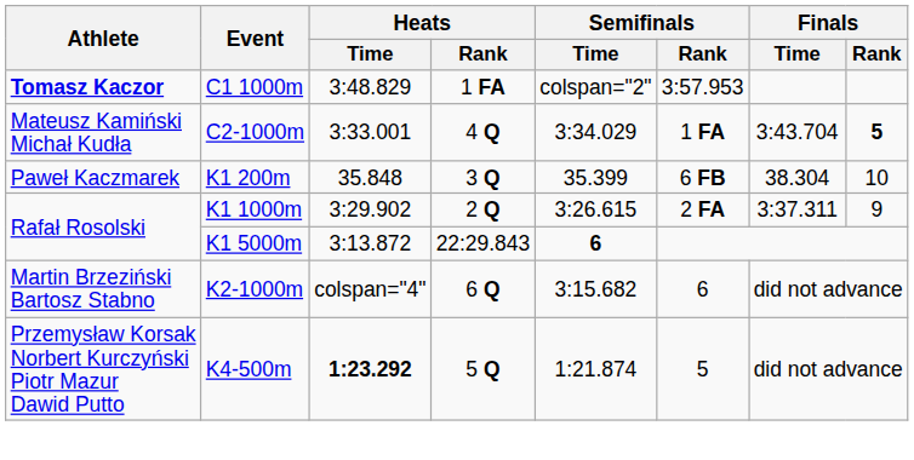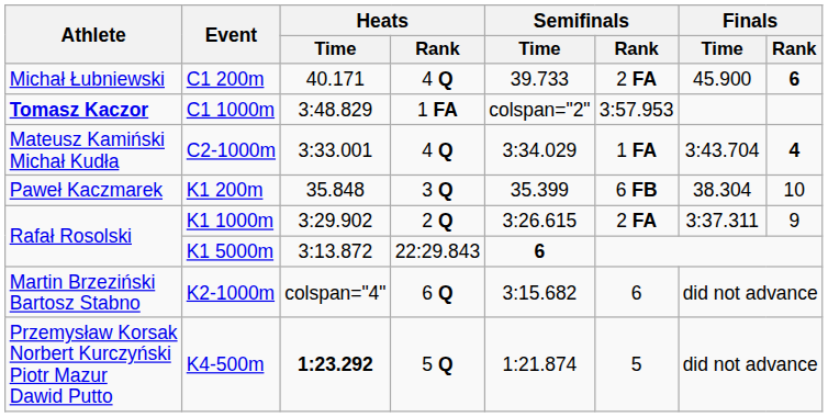 <table class="wikitable" style="font-size:90%">
 <tr>
 <th rowspan="2">Athlete</th>
 <th rowspan="2">Event</th>
 <th colspan=2>Heats</th>
 <th colspan=2>Semifinals</th>
 <th colspan=2>Finals</th>
 </tr>
 <tr style="font-size:95%">
 <th>Time</th>
 <th>Rank</th>
 <th>Time</th>
 <th>Rank</th>
 <th>Time</th>
 <th>Rank</th>
+</tr>
+<tr align=center>
+<td align=left><a href='#'>Michał Łubniewski</a></td>
+<td align=left><a href='#'>C1 200m</a></td>
+<td>40.171</td>
+<td>4 <strong>Q</strong></td>
+<td>39.733</td>
+<td>2 <strong>FA</strong></td>
+<td>45.900</td>
+<td><strong>6</strong></td>
 </tr>
 <tr align=center>
 <td align=left><strong><a href='#'>Tomasz Kaczor</a></strong></td>
 <td align=left><a href='#'>C1 1000m</a></td>
 <td>3:48.829</td>
 <td>1 <strong>FA</strong></td>
 <td>colspan="2" </td>
 <td>3:57.953</td>
 <td></td>
 </tr>
 <tr align=center>
 <td align=left><a href='#'>Mateusz Kamiński</a><br><a href='#'>Michał Kudła</a></td>
 <td align=left><a href='#'>C2-1000m</a></td>
 <td>3:33.001</td>
 <td>4 <strong>Q</strong></td>
 <td>3:34.029</td>
 <td>1 <strong>FA</strong></td>
 <td>3:43.704</td>
-<td><strong>5</strong></td>
+<td><strong>4</strong></td>
 </tr>
 <tr align=center>
 <td align=left><a href='#'>Paweł Kaczmarek</a></td>
 <td align=left><a href='#'>K1 200m</a></td>
 <td>35.848</td>
 <td>3 <strong>Q</strong></td>
 <td>35.399</td>
 <td>6 <strong>FB</strong></td>
 <td>38.304</td>
 <td>10</td>
 </tr>
 <tr align=center>
 <td align=left rowspan=2><a href='#'>Rafał Rosolski</a></td>
 <td align=left><a href='#'>K1 1000m</a></td>
 <td>3:29.902</td>
 <td>2 <strong>Q</strong></td>
 <td>3:26.615</td>
 <td>2 <strong>FA</strong></td>
 <td>3:37.311</td>
 <td>9</td>
 </tr>
 <tr align=center>
 <td align=left><a href='#'>K1 5000m</a></td>
 <td>3:13.872</td>
 <td>22:29.843</td>
 <td><strong>6</strong></td>
 </tr>
 <tr align=center>
 <td align=left><a href='#'>Martin Brzeziński</a><br><a href='#'>Bartosz Stabno</a></td>
 <td align=left><a href='#'>K2-1000m</a></td>
 <td>colspan="4" </td>
 <td>6 <strong>Q</strong></td>
 <td>3:15.682</td>
 <td>6</td>
 <td colspan="2">did not advance</td>
 </tr>
 <tr align=center>
 <td align=left><a href='#'>Przemysław Korsak</a><br><a href='#'>Norbert Kurczyński</a><br> <a href='#'>Piotr Mazur</a><br><a href='#'>Dawid Putto</a></td>
 <td align=left><a href='#'>K4-500m</a></td>
 <td><strong>1:23.292</strong></td>
 <td>5 <strong>Q</strong></td>
 <td>1:21.874</td>
 <td>5</td>
 <td colspan="2">did not advance</td>
 </tr>
 </table>
